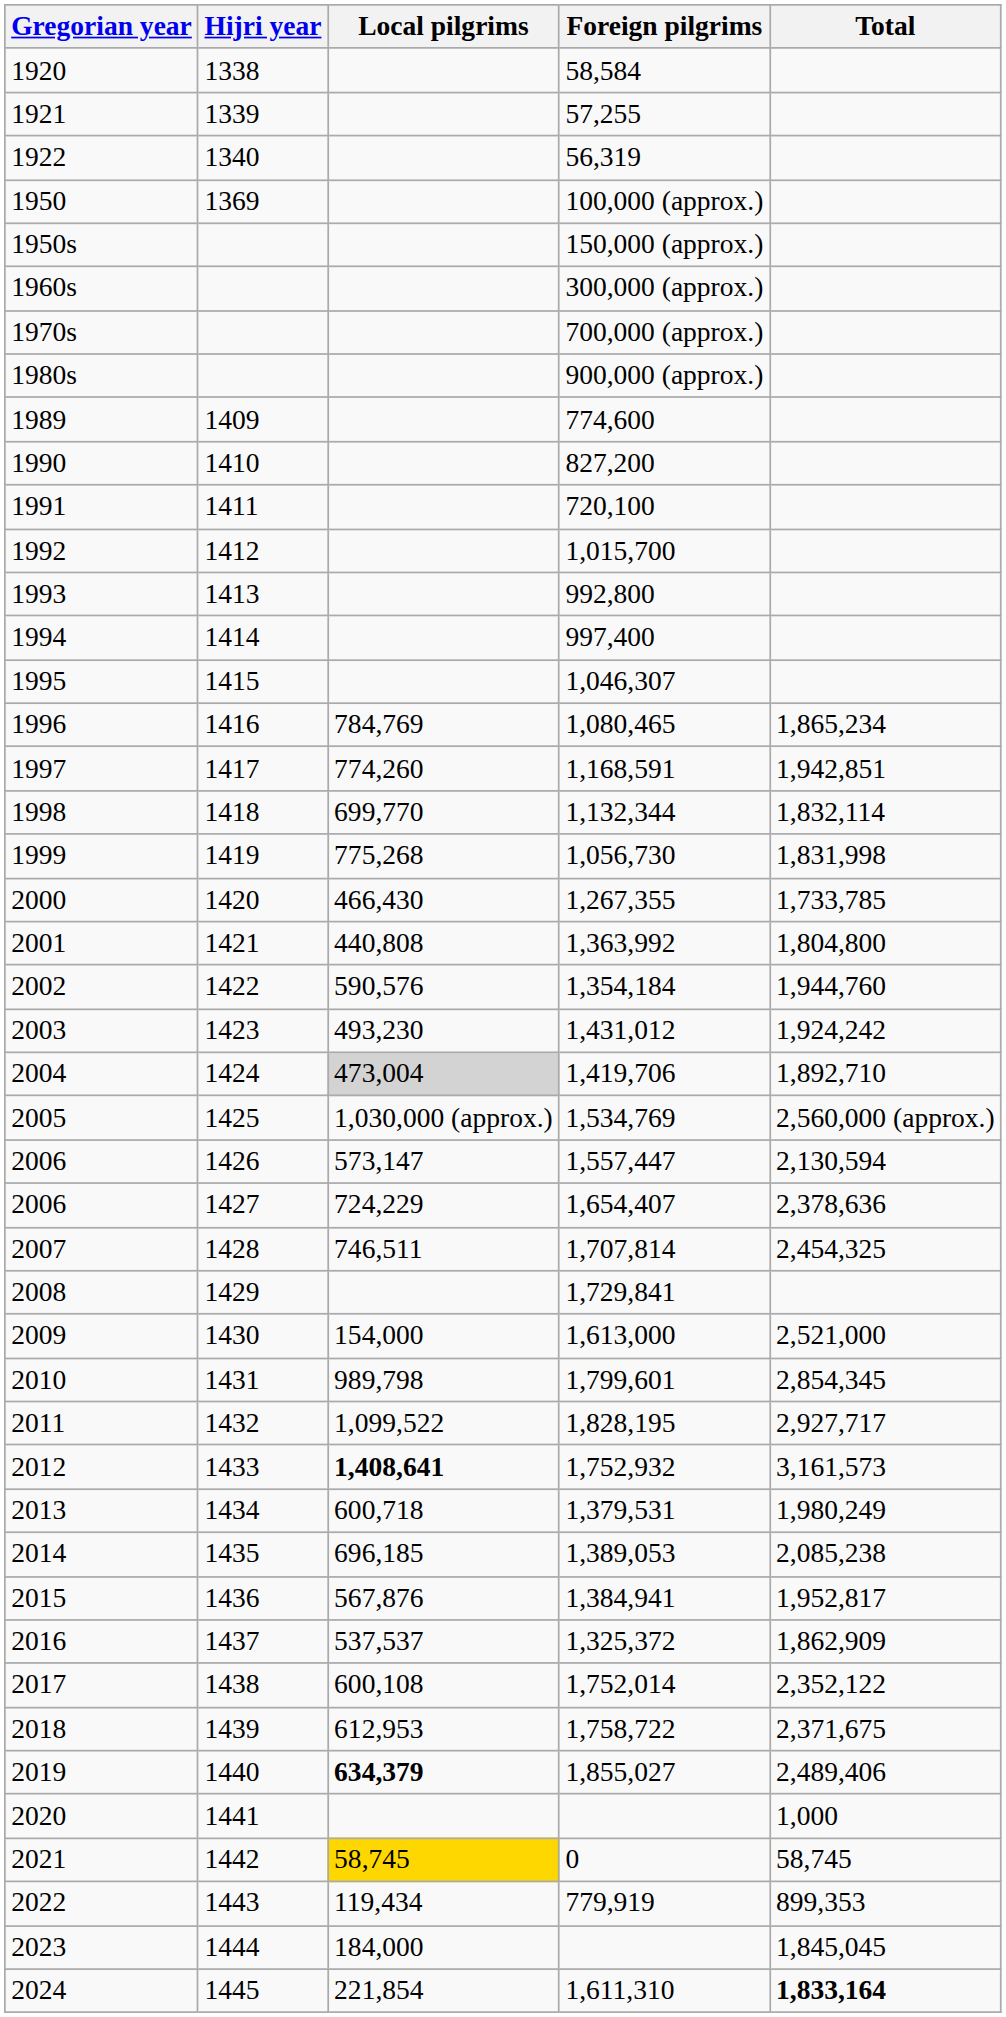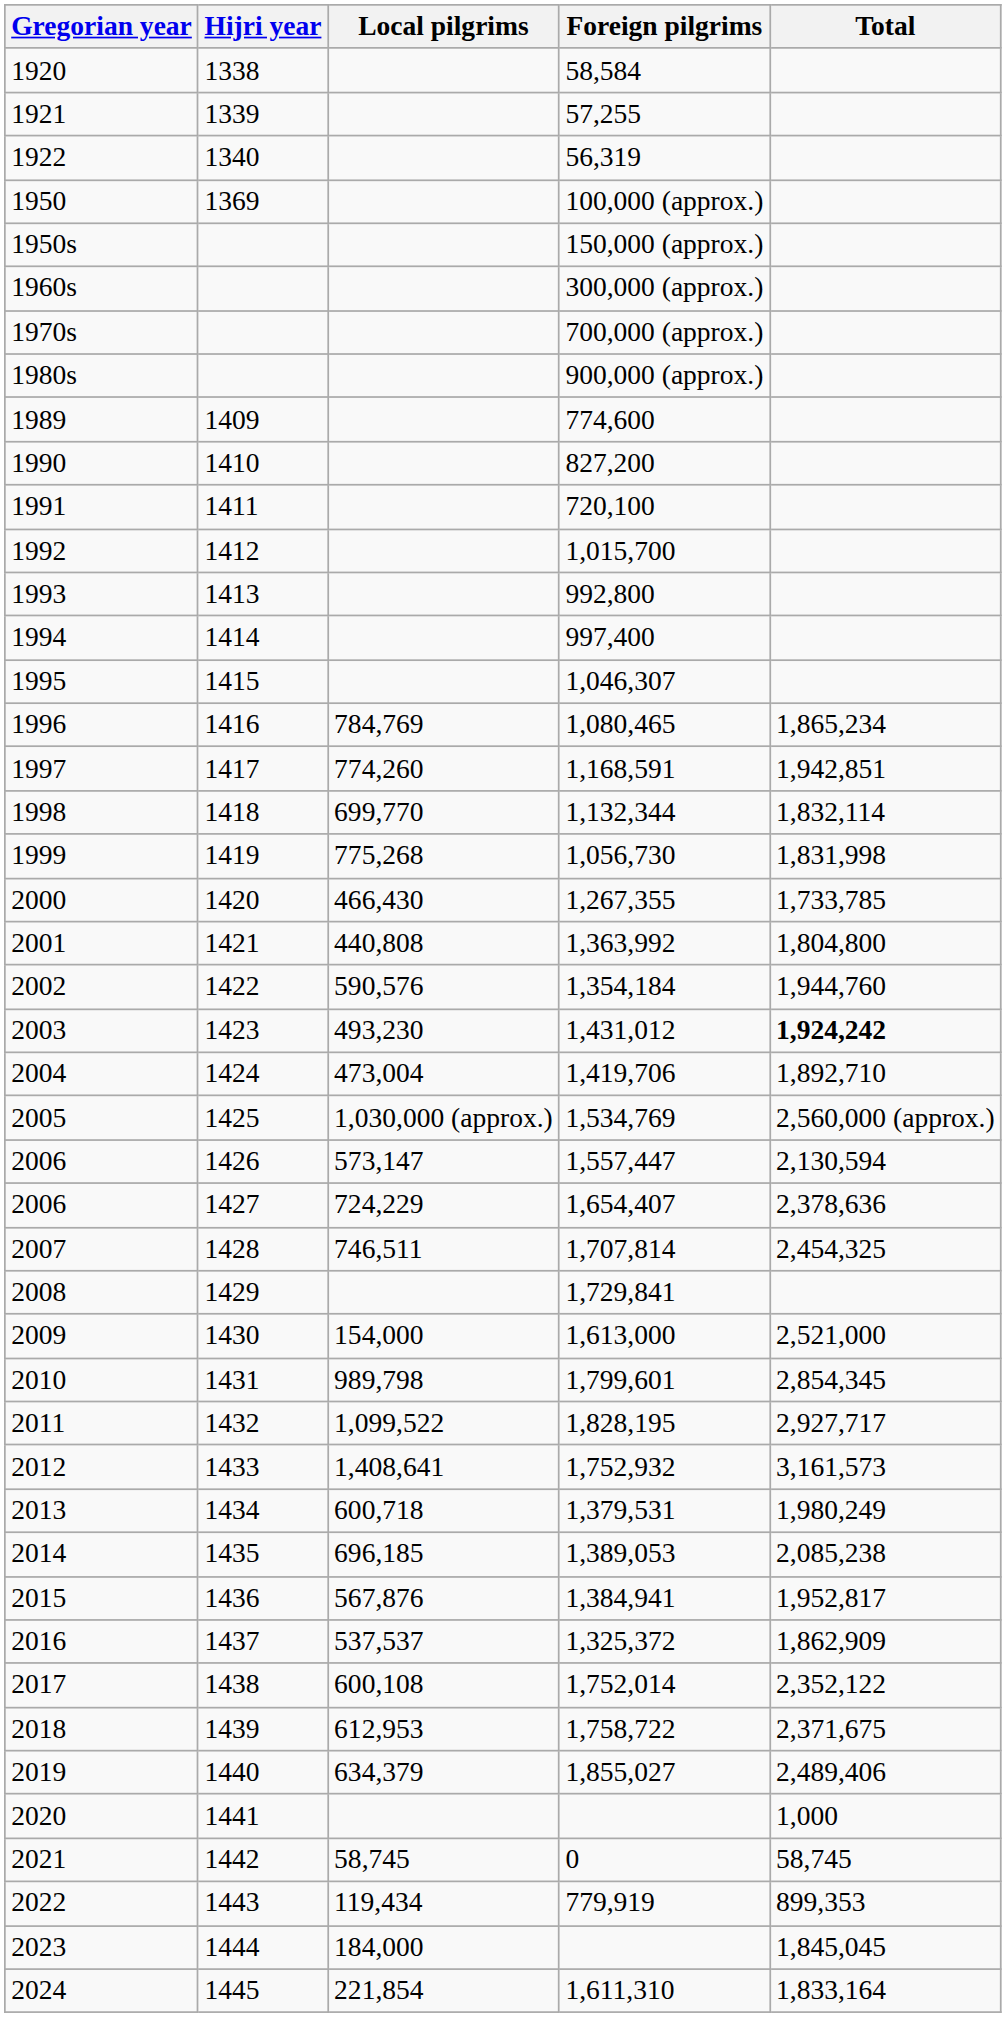 <table class="wikitable sortable">
 <tr>
 <th><a href='#'>Gregorian year</a></th>
 <th><a href='#'>Hijri year</a></th>
 <th>Local pilgrims</th>
 <th>Foreign pilgrims</th>
 <th>Total</th>
 </tr>
 <tr>
 <td>1920</td>
 <td>1338</td>
 <td></td>
 <td>58,584</td>
 <td></td>
 </tr>
 <tr>
 <td>1921</td>
 <td>1339</td>
 <td></td>
 <td>57,255</td>
 <td></td>
 </tr>
 <tr>
 <td>1922</td>
 <td>1340</td>
 <td></td>
 <td>56,319</td>
 <td></td>
 </tr>
 <tr>
 <td>1950</td>
 <td>1369</td>
 <td></td>
 <td>100,000 (approx.)</td>
 <td></td>
 </tr>
 <tr>
 <td>1950s</td>
 <td></td>
 <td></td>
 <td>150,000 (approx.)</td>
 <td></td>
 </tr>
 <tr>
 <td>1960s</td>
 <td></td>
 <td></td>
 <td>300,000 (approx.)</td>
 <td></td>
 </tr>
 <tr>
 <td>1970s</td>
 <td></td>
 <td></td>
 <td>700,000 (approx.)</td>
 <td></td>
 </tr>
 <tr>
 <td>1980s</td>
 <td></td>
 <td></td>
 <td>900,000 (approx.)</td>
 <td></td>
 </tr>
 <tr>
 <td>1989</td>
 <td>1409</td>
 <td></td>
 <td>774,600</td>
 <td></td>
 </tr>
 <tr>
 <td>1990</td>
 <td>1410</td>
 <td></td>
 <td>827,200</td>
 <td></td>
 </tr>
 <tr>
 <td>1991</td>
 <td>1411</td>
 <td></td>
 <td>720,100</td>
 <td></td>
 </tr>
 <tr>
 <td>1992</td>
 <td>1412</td>
 <td></td>
 <td>1,015,700</td>
 <td></td>
 </tr>
 <tr>
 <td>1993</td>
 <td>1413</td>
 <td></td>
 <td>992,800</td>
 <td></td>
 </tr>
 <tr>
 <td>1994</td>
 <td>1414</td>
 <td></td>
 <td>997,400</td>
 <td></td>
 </tr>
 <tr>
 <td>1995</td>
 <td>1415</td>
 <td></td>
 <td>1,046,307</td>
 <td></td>
 </tr>
 <tr>
 <td>1996</td>
 <td>1416</td>
 <td>784,769</td>
 <td>1,080,465</td>
 <td>1,865,234</td>
 </tr>
 <tr>
 <td>1997</td>
 <td>1417</td>
 <td>774,260</td>
 <td>1,168,591</td>
 <td>1,942,851</td>
 </tr>
 <tr>
 <td>1998</td>
 <td>1418</td>
 <td>699,770</td>
 <td>1,132,344</td>
 <td>1,832,114</td>
 </tr>
 <tr>
 <td>1999</td>
 <td>1419</td>
 <td>775,268</td>
 <td>1,056,730</td>
 <td>1,831,998</td>
 </tr>
 <tr>
 <td>2000</td>
 <td>1420</td>
 <td>466,430</td>
 <td>1,267,355</td>
 <td>1,733,785</td>
 </tr>
 <tr>
 <td>2001</td>
 <td>1421</td>
 <td>440,808</td>
 <td>1,363,992</td>
 <td>1,804,800</td>
 </tr>
 <tr>
 <td>2002</td>
 <td>1422</td>
 <td>590,576</td>
 <td>1,354,184</td>
 <td>1,944,760</td>
 </tr>
 <tr>
 <td>2003</td>
 <td>1423</td>
 <td>493,230</td>
 <td>1,431,012</td>
-<td>1,924,242</td>
+<td><strong>1,924,242</strong></td>
 </tr>
 <tr>
 <td>2004</td>
 <td>1424</td>
-<td style="background: lightgrey;">473,004</td>
+<td>473,004</td>
 <td>1,419,706</td>
 <td>1,892,710</td>
 </tr>
 <tr>
 <td>2005</td>
 <td>1425</td>
 <td>1,030,000 (approx.)</td>
 <td>1,534,769</td>
 <td>2,560,000 (approx.)</td>
 </tr>
 <tr>
 <td>2006</td>
 <td>1426</td>
 <td>573,147</td>
 <td>1,557,447</td>
 <td>2,130,594</td>
 </tr>
 <tr>
 <td>2006</td>
 <td>1427</td>
 <td>724,229</td>
 <td>1,654,407</td>
 <td>2,378,636</td>
 </tr>
 <tr>
 <td>2007</td>
 <td>1428</td>
 <td>746,511</td>
 <td>1,707,814</td>
 <td>2,454,325</td>
 </tr>
 <tr>
 <td>2008</td>
 <td>1429</td>
 <td></td>
 <td>1,729,841</td>
 <td></td>
 </tr>
 <tr>
 <td>2009</td>
 <td>1430</td>
 <td>154,000</td>
 <td>1,613,000</td>
 <td>2,521,000</td>
 </tr>
 <tr>
 <td>2010</td>
 <td>1431</td>
 <td>989,798</td>
 <td>1,799,601</td>
 <td>2,854,345</td>
 </tr>
 <tr>
 <td>2011</td>
 <td>1432</td>
 <td>1,099,522</td>
 <td>1,828,195</td>
 <td>2,927,717</td>
 </tr>
 <tr>
 <td>2012</td>
 <td>1433</td>
-<td><strong>1,408,641</strong></td>
+<td>1,408,641</td>
 <td>1,752,932</td>
 <td>3,161,573</td>
 </tr>
 <tr>
 <td>2013</td>
 <td>1434</td>
 <td>600,718</td>
 <td>1,379,531</td>
 <td>1,980,249</td>
 </tr>
 <tr>
 <td>2014</td>
 <td>1435</td>
 <td>696,185</td>
 <td>1,389,053</td>
 <td>2,085,238</td>
 </tr>
 <tr>
 <td>2015</td>
 <td>1436</td>
 <td>567,876</td>
 <td>1,384,941</td>
 <td>1,952,817</td>
 </tr>
 <tr>
 <td>2016</td>
 <td>1437</td>
 <td>537,537</td>
 <td>1,325,372</td>
 <td>1,862,909</td>
 </tr>
 <tr>
 <td>2017</td>
 <td>1438</td>
 <td>600,108</td>
 <td>1,752,014</td>
 <td>2,352,122</td>
 </tr>
 <tr>
 <td>2018</td>
 <td>1439</td>
 <td>612,953</td>
 <td>1,758,722</td>
 <td>2,371,675</td>
 </tr>
 <tr>
 <td>2019</td>
 <td>1440</td>
-<td><strong>634,379</strong></td>
+<td>634,379</td>
 <td>1,855,027</td>
 <td>2,489,406</td>
 </tr>
 <tr>
 <td>2020</td>
 <td>1441</td>
 <td></td>
 <td></td>
 <td>1,000</td>
 </tr>
 <tr>
 <td>2021</td>
 <td>1442</td>
-<td style="background: gold;">58,745</td>
+<td>58,745</td>
 <td>0</td>
 <td>58,745</td>
 </tr>
 <tr>
 <td>2022</td>
 <td>1443</td>
 <td>119,434</td>
 <td>779,919</td>
 <td>899,353</td>
 </tr>
 <tr>
 <td>2023</td>
 <td>1444</td>
 <td>184,000</td>
 <td></td>
 <td>1,845,045</td>
 </tr>
 <tr>
 <td>2024</td>
 <td>1445</td>
 <td>221,854</td>
 <td>1,611,310</td>
-<td><strong>1,833,164</strong></td>
+<td>1,833,164</td>
 </tr>
 </table>
